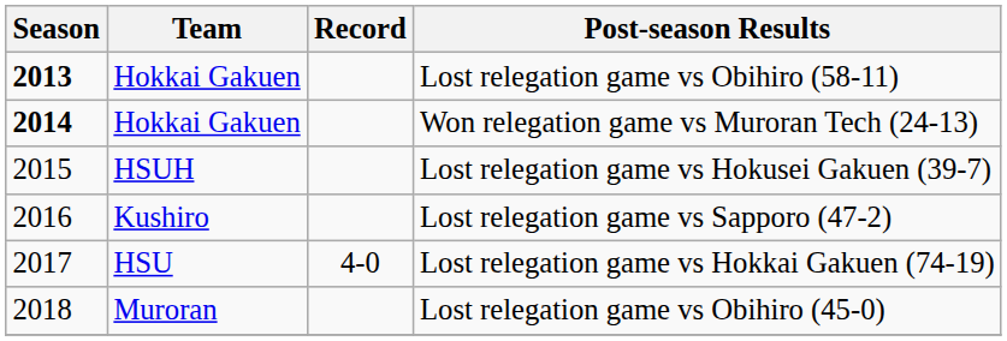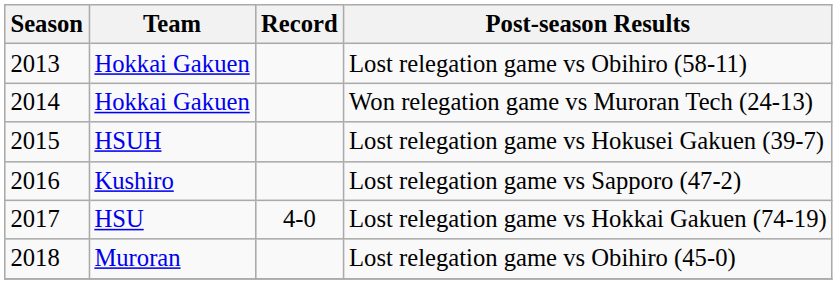 <table class="wikitable">
 <tr>
 <th>Season</th>
 <th>Team</th>
 <th>Record</th>
 <th>Post-season Results</th>
 </tr>
 <tr>
-<td><strong>2013</strong></td>
+<td>2013</td>
 <td><a href='#'>Hokkai Gakuen</a></td>
 <td align="center"></td>
 <td>Lost relegation game vs Obihiro (58-11)</td>
 </tr>
 <tr>
-<td><strong>2014</strong></td>
+<td>2014</td>
 <td><a href='#'>Hokkai Gakuen</a></td>
 <td align="center"></td>
 <td>Won relegation game vs Muroran Tech (24-13)</td>
 </tr>
 <tr>
 <td>2015</td>
 <td><a href='#'>HSUH</a></td>
 <td align="center"></td>
 <td>Lost relegation game vs Hokusei Gakuen (39-7)</td>
 </tr>
 <tr>
 <td>2016</td>
 <td><a href='#'>Kushiro</a></td>
 <td align="center"></td>
 <td>Lost relegation game vs Sapporo (47-2)</td>
 </tr>
 <tr>
 <td>2017</td>
 <td><a href='#'>HSU</a></td>
 <td align="center">4-0</td>
 <td>Lost relegation game vs Hokkai Gakuen (74-19)</td>
 </tr>
 <tr>
 <td>2018</td>
 <td><a href='#'>Muroran</a></td>
 <td align="center"></td>
 <td>Lost relegation game vs Obihiro (45-0)</td>
 </tr>
 <tr>
 </tr>
 </table>
